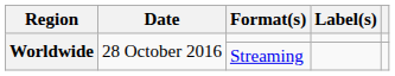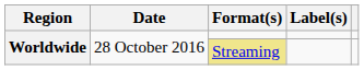 <table class="wikitable plainrowheaders">
 <tr>
 <th scope="col">Region</th>
 <th scope="col">Date</th>
 <th scope="col">Format(s)</th>
 <th scope="col">Label(s)</th>
 <th scope="col"></th>
 </tr>
 <tr>
 <th scope="row" rowspan="2">Worldwide</th>
 <td rowspan="2">28 October 2016</td>
 <td></td>
 <td></td>
 <td></td>
 </tr>
 <tr>
-<td><a href='#'>Streaming</a></td>
+<td style="background: khaki;"><a href='#'>Streaming</a></td>
 <td></td>
 <td></td>
 </tr>
 </table>
